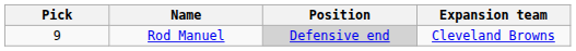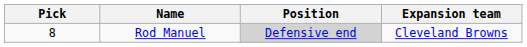 <table class="wikitable" style="text-align:center">
 <tr>
 <th width=100px>Pick</th>
 <th width=150px>Name</th>
 <th width=150px>Position</th>
 <th width=150px>Expansion team</th>
 </tr>
 <tr>
-<td>9</td>
+<td>8</td>
 <td><a href='#'>Rod Manuel</a></td>
 <td style="background: lightgrey;"><a href='#'>Defensive end</a></td>
 <td rowspan="2"><a href='#'>Cleveland Browns</a></td>
 </tr>
 </table>
